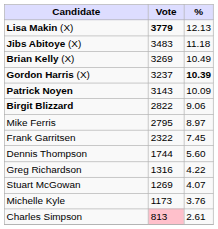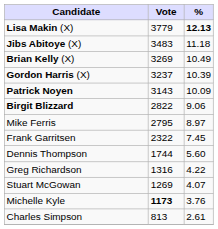 <table class="wikitable">
 <tr>
 <th style="background:#ddf; width:225px;">Candidate</th>
 <th style="background:#ddf; width:50px;">Vote</th>
 <th style="background:#ddf; width:30px;">%</th>
 </tr>
 <tr>
 <td><strong>Lisa Makin</strong> (X)</td>
-<td><strong>3779</strong></td>
-<td>12.13</td>
+<td>3779</td>
+<td><strong>12.13</strong></td>
 </tr>
 <tr>
 <td><strong>Jibs Abitoye</strong> (X)</td>
 <td>3483</td>
 <td>11.18</td>
 </tr>
 <tr>
 <td><strong>Brian Kelly</strong> (X)</td>
 <td>3269</td>
 <td>10.49</td>
 </tr>
 <tr>
 <td><strong>Gordon Harris</strong> (X)</td>
 <td>3237</td>
-<td><strong>10.39</strong></td>
+<td>10.39</td>
 </tr>
 <tr>
 <td><strong>Patrick Noyen</strong></td>
 <td>3143</td>
 <td>10.09</td>
 </tr>
 <tr>
 <td><strong>Birgit Blizzard</strong></td>
 <td>2822</td>
 <td>9.06</td>
 </tr>
 <tr>
 <td>Mike Ferris</td>
 <td>2795</td>
 <td>8.97</td>
 </tr>
 <tr>
 <td>Frank Garritsen</td>
 <td>2322</td>
 <td>7.45</td>
 </tr>
 <tr>
 <td>Dennis Thompson</td>
 <td>1744</td>
 <td>5.60</td>
 </tr>
 <tr>
 <td>Greg Richardson</td>
 <td>1316</td>
 <td>4.22</td>
 </tr>
 <tr>
 <td>Stuart McGowan</td>
 <td>1269</td>
 <td>4.07</td>
 </tr>
 <tr>
 <td>Michelle Kyle</td>
-<td>1173</td>
+<td><strong>1173</strong></td>
 <td>3.76</td>
 </tr>
 <tr>
 <td>Charles Simpson</td>
-<td style="background: pink;">813</td>
+<td>813</td>
 <td>2.61</td>
 </tr>
 <tr>
 </tr>
 </table>
